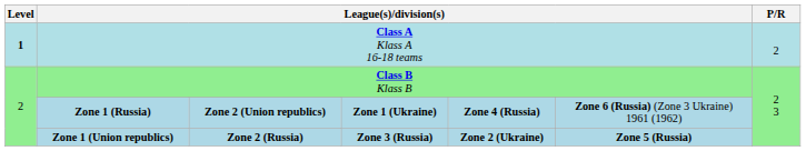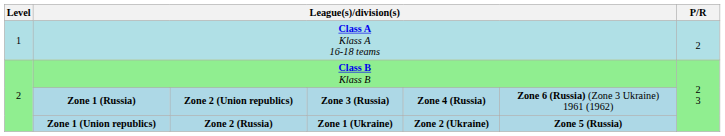 <table class="wikitable" style="text-align:center">
 <tr>
 <th style="width:4%">Level</th>
 <th colspan="5" style="width:90%">League(s)/division(s)</th>
 <th style="width:6%">P/R</th>
 </tr>
 <tr bgcolor=powderblue>
-<td><strong>1</strong></td>
+<td>1</td>
 <td colspan="5"><strong><a href='#'>Class A</a></strong><br><em>Klass A</em><br><em>16-18 teams</em></td>
 <td><br> 2</td>
 </tr>
 <tr bgcolor=lightgreen>
 <td rowspan="3">2</td>
 <td colspan="5"><strong><a href='#'>Class B</a></strong><br><em>Klass B</em><br></td>
 <td rowspan="3"> 2<br> 3</td>
 </tr>
 <tr bgcolor=lightblue>
 <td><strong>Zone 1 (Russia)</strong><br></td>
 <td><strong>Zone 2 (Union republics)</strong><br></td>
-<td><strong>Zone 1 (Ukraine)</strong><br></td>
+<td><strong>Zone 3 (Russia)</strong><br></td>
 <td><strong>Zone 4 (Russia)</strong><br></td>
 <td><strong>Zone 6 (Russia)</strong> (Zone 3 Ukraine)<br>1961 (1962)</td>
 </tr>
 <tr bgcolor=lightblue>
 <td><strong>Zone 1 (Union republics)</strong><br></td>
 <td><strong>Zone 2 (Russia)</strong><br></td>
-<td><strong>Zone 3 (Russia)</strong><br></td>
+<td><strong>Zone 1 (Ukraine)</strong><br></td>
 <td><strong>Zone 2 (Ukraine)</strong><br></td>
 <td><strong>Zone 5 (Russia)</strong><br></td>
 </tr>
 </table>
